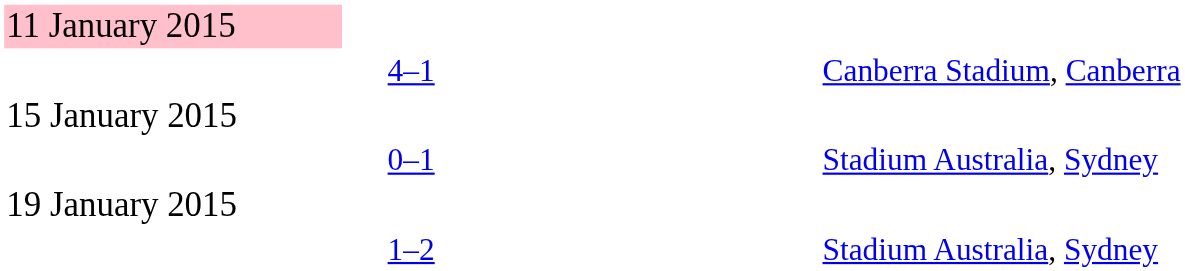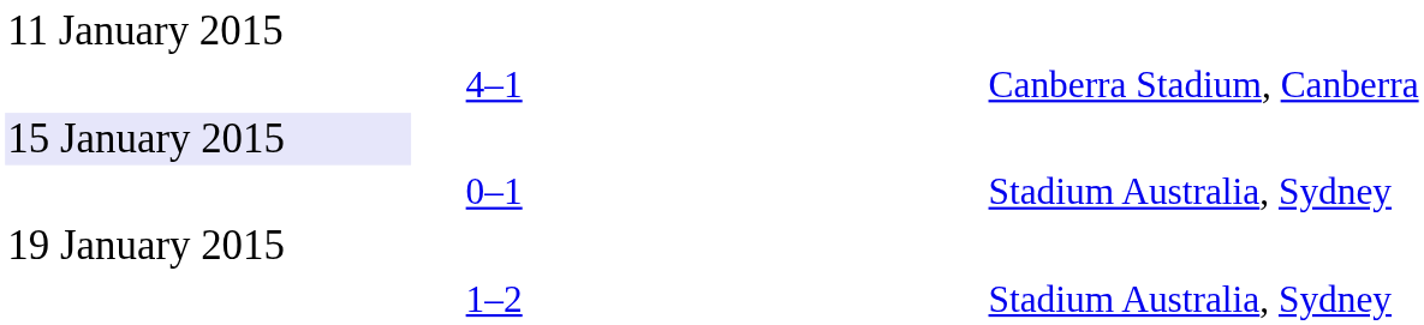 <table style="width:100%" cellspacing="1">
 <tr>
 <th width=25%></th>
 <th width=10%></th>
 <th width=25%></th>
 </tr>
 <tr>
-<td style="background: pink;">11 January 2015</td>
+<td>11 January 2015</td>
 </tr>
 <tr style=font-size:90%>
 <td align=right></td>
 <td align=center><a href='#'>4–1</a></td>
 <td></td>
 <td><a href='#'>Canberra Stadium</a>, <a href='#'>Canberra</a></td>
 </tr>
 <tr>
-<td>15 January 2015</td>
+<td style="background: lavender;">15 January 2015</td>
 </tr>
 <tr style=font-size:90%>
 <td align=right></td>
 <td align=center><a href='#'>0–1</a></td>
 <td></td>
 <td><a href='#'>Stadium Australia</a>, <a href='#'>Sydney</a></td>
 </tr>
 <tr>
 <td>19 January 2015</td>
 </tr>
 <tr style=font-size:90%>
 <td align=right></td>
 <td align=center><a href='#'>1–2</a></td>
 <td></td>
 <td><a href='#'>Stadium Australia</a>, <a href='#'>Sydney</a></td>
 </tr>
 </table>
